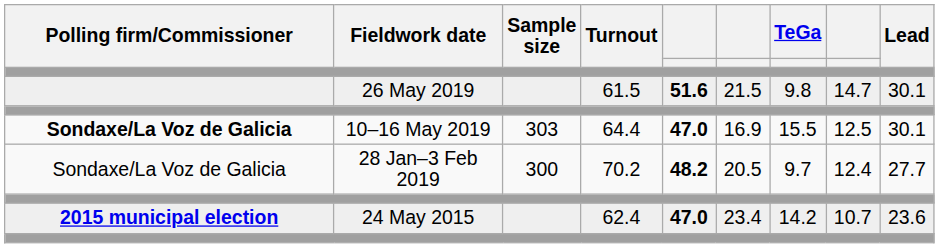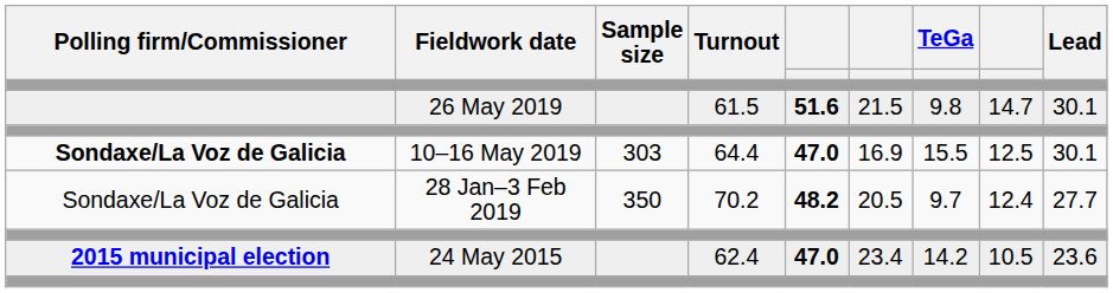 <table class="wikitable collapsible collapsed" style="text-align:center; font-size:95%; line-height:16px;">
 <tr style="height:42px;">
 <th style="width:250px;" rowspan="2">Polling firm/Commissioner</th>
 <th style="width:125px;" rowspan="2">Fieldwork date</th>
 <th style="width:50px;" rowspan="2">Sample size</th>
 <th style="width:45px;" rowspan="2">Turnout</th>
 <th style="width:35px;"></th>
 <th style="width:35px;"></th>
 <th style="width:35px;"><a href='#'>TeGa</a></th>
 <th style="width:35px;"></th>
 <th style="width:30px;" rowspan="2">Lead</th>
 </tr>
 <tr>
 <th style="color:inherit;background:"></th>
 <th style="color:inherit;background:"></th>
 <th style="color:inherit;background:"></th>
 <th style="color:inherit;background:"></th>
 </tr>
 <tr>
 <td colspan="9" style="background:#A0A0A0"></td>
 </tr>
 <tr style="background:#EFEFEF;">
 <td><strong></strong></td>
 <td>26 May 2019</td>
 <td></td>
 <td>61.5</td>
 <td><strong>51.6</strong><br></td>
 <td>21.5<br></td>
 <td>9.8<br></td>
 <td>14.7<br></td>
 <td style="background:">30.1</td>
 </tr>
 <tr>
 <td colspan="9" style="background:#A0A0A0"></td>
 </tr>
 <tr>
 <td><strong>Sondaxe/La Voz de Galicia</strong></td>
 <td>10–16 May 2019</td>
 <td>303</td>
 <td>64.4</td>
 <td><strong>47.0</strong><br></td>
 <td>16.9<br></td>
 <td>15.5<br></td>
 <td>12.5<br></td>
 <td style="background:">30.1</td>
 </tr>
 <tr>
 <td>Sondaxe/La Voz de Galicia</td>
 <td>28 Jan–3 Feb 2019</td>
-<td>300</td>
+<td>350</td>
 <td>70.2</td>
 <td><strong>48.2</strong><br></td>
 <td>20.5<br></td>
 <td>9.7<br></td>
 <td>12.4<br></td>
 <td style="background:">27.7</td>
 </tr>
 <tr>
 <td colspan="9" style="background:#A0A0A0"></td>
 </tr>
 <tr style="background:#EFEFEF;">
 <td><strong><a href='#'>2015 municipal election</a></strong></td>
 <td>24 May 2015</td>
 <td></td>
 <td>62.4</td>
 <td><strong>47.0</strong><br></td>
 <td>23.4<br></td>
 <td>14.2<br></td>
-<td>10.7<br></td>
+<td>10.5<br></td>
 <td style="background:">23.6</td>
 </tr>
 <tr>
 <td colspan="9" style="background:#A0A0A0"></td>
 </tr>
 </table>
